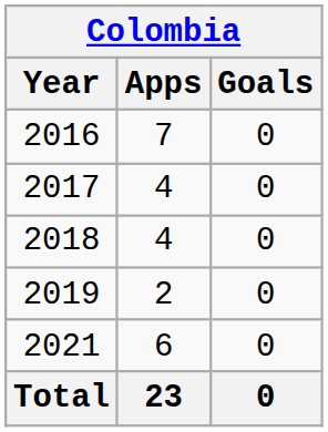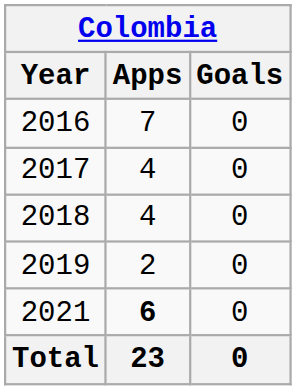 <table class="wikitable" style="text-align:center">
 <tr>
 <th colspan=3><a href='#'>Colombia</a></th>
 </tr>
 <tr>
 <th>Year</th>
 <th>Apps</th>
 <th>Goals</th>
 </tr>
 <tr>
 <td>2016</td>
 <td>7</td>
 <td>0</td>
 </tr>
 <tr>
 <td>2017</td>
 <td>4</td>
 <td>0</td>
 </tr>
 <tr>
 <td>2018</td>
 <td>4</td>
 <td>0</td>
 </tr>
 <tr>
 <td>2019</td>
 <td>2</td>
 <td>0</td>
 </tr>
 <tr>
 <td>2021</td>
-<td>6</td>
+<td><strong>6</strong></td>
 <td>0</td>
 </tr>
 <tr>
 <th>Total</th>
 <th>23</th>
 <th>0</th>
 </tr>
 </table>
